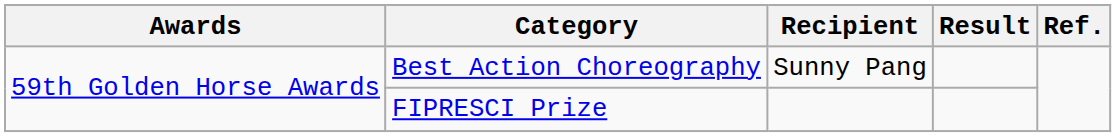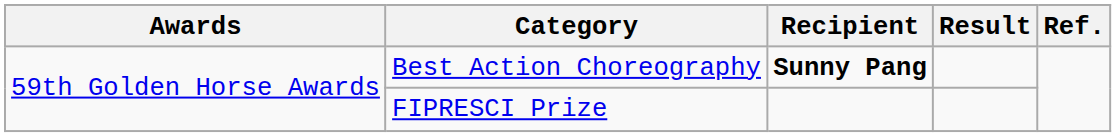 <table class="wikitable">
 <tr>
 <th>Awards</th>
 <th>Category</th>
 <th>Recipient</th>
 <th>Result</th>
 <th>Ref.</th>
 </tr>
 <tr>
 <td rowspan=2><a href='#'>59th Golden Horse Awards</a></td>
 <td><a href='#'>Best Action Choreography</a></td>
-<td>Sunny Pang</td>
+<td><strong>Sunny Pang</strong></td>
 <td></td>
 <td rowspan=2></td>
 </tr>
 <tr>
 <td><a href='#'>FIPRESCI Prize</a></td>
 <td></td>
 <td></td>
 </tr>
 </table>
